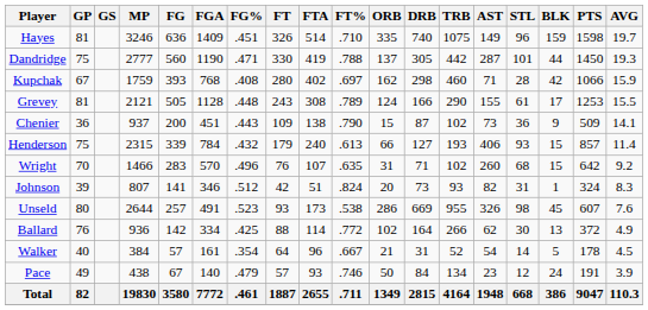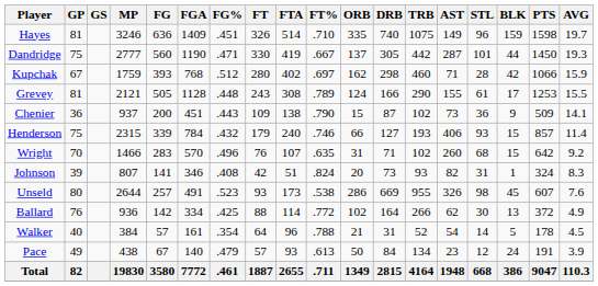 <table class="wikitable">
 <tr>
 <th>Player</th>
 <th>GP</th>
 <th>GS</th>
 <th>MP</th>
 <th>FG</th>
 <th>FGA</th>
 <th>FG%</th>
 <th>FT</th>
 <th>FTA</th>
 <th>FT%</th>
 <th>ORB</th>
 <th>DRB</th>
 <th>TRB</th>
 <th>AST</th>
 <th>STL</th>
 <th>BLK</th>
 <th>PTS</th>
 <th>AVG</th>
 </tr>
 <tr align="center">
 <td><a href='#'>Hayes</a></td>
 <td>81</td>
 <td></td>
 <td>3246</td>
 <td>636</td>
 <td>1409</td>
 <td>.451</td>
 <td>326</td>
 <td>514</td>
 <td>.710</td>
 <td>335</td>
 <td>740</td>
 <td>1075</td>
 <td>149</td>
 <td>96</td>
 <td>159</td>
 <td>1598</td>
 <td>19.7</td>
 </tr>
 <tr align="center">
 <td><a href='#'>Dandridge</a></td>
 <td>75</td>
 <td></td>
 <td>2777</td>
 <td>560</td>
 <td>1190</td>
 <td>.471</td>
 <td>330</td>
 <td>419</td>
-<td>.788</td>
+<td>.667</td>
 <td>137</td>
 <td>305</td>
 <td>442</td>
 <td>287</td>
 <td>101</td>
 <td>44</td>
 <td>1450</td>
 <td>19.3</td>
 </tr>
 <tr align="center">
 <td><a href='#'>Kupchak</a></td>
 <td>67</td>
 <td></td>
 <td>1759</td>
 <td>393</td>
 <td>768</td>
-<td>.408</td>
+<td>.512</td>
 <td>280</td>
 <td>402</td>
 <td>.697</td>
 <td>162</td>
 <td>298</td>
 <td>460</td>
 <td>71</td>
 <td>28</td>
 <td>42</td>
 <td>1066</td>
 <td>15.9</td>
 </tr>
 <tr align="center">
 <td><a href='#'>Grevey</a></td>
 <td>81</td>
 <td></td>
 <td>2121</td>
 <td>505</td>
 <td>1128</td>
 <td>.448</td>
 <td>243</td>
 <td>308</td>
 <td>.789</td>
 <td>124</td>
 <td>166</td>
 <td>290</td>
 <td>155</td>
 <td>61</td>
 <td>17</td>
 <td>1253</td>
 <td>15.5</td>
 </tr>
 <tr align="center">
 <td><a href='#'>Chenier</a></td>
 <td>36</td>
 <td></td>
 <td>937</td>
 <td>200</td>
 <td>451</td>
 <td>.443</td>
 <td>109</td>
 <td>138</td>
 <td>.790</td>
 <td>15</td>
 <td>87</td>
 <td>102</td>
 <td>73</td>
 <td>36</td>
 <td>9</td>
 <td>509</td>
 <td>14.1</td>
 </tr>
 <tr align="center">
 <td><a href='#'>Henderson</a></td>
 <td>75</td>
 <td></td>
 <td>2315</td>
 <td>339</td>
 <td>784</td>
 <td>.432</td>
 <td>179</td>
 <td>240</td>
-<td>.613</td>
+<td>.746</td>
 <td>66</td>
 <td>127</td>
 <td>193</td>
 <td>406</td>
 <td>93</td>
 <td>15</td>
 <td>857</td>
 <td>11.4</td>
 </tr>
 <tr align="center">
 <td><a href='#'>Wright</a></td>
 <td>70</td>
 <td></td>
 <td>1466</td>
 <td>283</td>
 <td>570</td>
 <td>.496</td>
 <td>76</td>
 <td>107</td>
 <td>.635</td>
 <td>31</td>
 <td>71</td>
 <td>102</td>
 <td>260</td>
 <td>68</td>
 <td>15</td>
 <td>642</td>
 <td>9.2</td>
 </tr>
 <tr align="center">
 <td><a href='#'>Johnson</a></td>
 <td>39</td>
 <td></td>
 <td>807</td>
 <td>141</td>
 <td>346</td>
-<td>.512</td>
+<td>.408</td>
 <td>42</td>
 <td>51</td>
 <td>.824</td>
 <td>20</td>
 <td>73</td>
 <td>93</td>
 <td>82</td>
 <td>31</td>
 <td>1</td>
 <td>324</td>
 <td>8.3</td>
 </tr>
 <tr align="center">
 <td><a href='#'>Unseld</a></td>
 <td>80</td>
 <td></td>
 <td>2644</td>
 <td>257</td>
 <td>491</td>
 <td>.523</td>
 <td>93</td>
 <td>173</td>
 <td>.538</td>
 <td>286</td>
 <td>669</td>
 <td>955</td>
 <td>326</td>
 <td>98</td>
 <td>45</td>
 <td>607</td>
 <td>7.6</td>
 </tr>
 <tr align="center">
 <td><a href='#'>Ballard</a></td>
 <td>76</td>
 <td></td>
 <td>936</td>
 <td>142</td>
 <td>334</td>
 <td>.425</td>
 <td>88</td>
 <td>114</td>
 <td>.772</td>
 <td>102</td>
 <td>164</td>
 <td>266</td>
 <td>62</td>
 <td>30</td>
 <td>13</td>
 <td>372</td>
 <td>4.9</td>
 </tr>
 <tr align="center">
 <td><a href='#'>Walker</a></td>
 <td>40</td>
 <td></td>
 <td>384</td>
 <td>57</td>
 <td>161</td>
 <td>.354</td>
 <td>64</td>
 <td>96</td>
-<td>.667</td>
+<td>.788</td>
 <td>21</td>
 <td>31</td>
 <td>52</td>
 <td>54</td>
 <td>14</td>
 <td>5</td>
 <td>178</td>
 <td>4.5</td>
 </tr>
 <tr align="center">
 <td><a href='#'>Pace</a></td>
 <td>49</td>
 <td></td>
 <td>438</td>
 <td>67</td>
 <td>140</td>
 <td>.479</td>
 <td>57</td>
 <td>93</td>
-<td>.746</td>
+<td>.613</td>
 <td>50</td>
 <td>84</td>
 <td>134</td>
 <td>23</td>
 <td>12</td>
 <td>24</td>
 <td>191</td>
 <td>3.9</td>
 </tr>
 <tr align="center">
 <th><strong>Total</strong></th>
 <th><strong>82</strong></th>
 <th></th>
 <th><strong>19830</strong></th>
 <th><strong>3580</strong></th>
 <th><strong>7772</strong></th>
 <th><strong>.461</strong></th>
 <th><strong>1887</strong></th>
 <th><strong>2655</strong></th>
 <th><strong>.711</strong></th>
 <th><strong>1349</strong></th>
 <th><strong>2815</strong></th>
 <th><strong>4164</strong></th>
 <th><strong>1948</strong></th>
 <th><strong>668</strong></th>
 <th><strong>386</strong></th>
 <th><strong>9047</strong></th>
 <th><strong>110.3</strong></th>
 </tr>
 <tr>
 </tr>
 </table>
